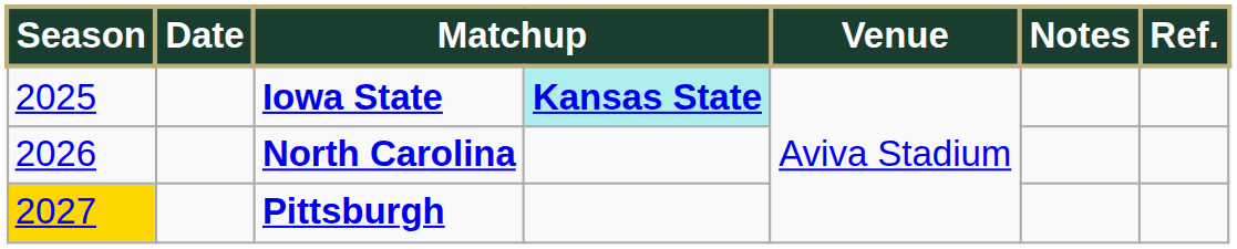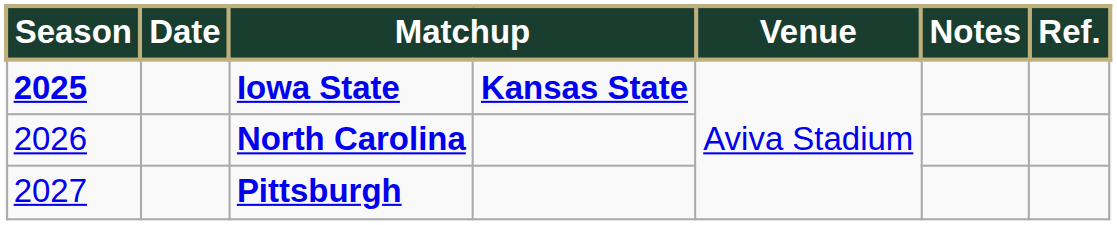 <table class="wikitable">
 <tr>
 <th style="background:#193E30; color:#FFFFFF; border: 2px solid #BEB07D ;">Season</th>
 <th style="background:#193E30; color:#FFFFFF; border: 2px solid #BEB07D ;">Date</th>
 <th style="background:#193E30; color:#FFFFFF; border: 2px solid #BEB07D ;"colspan="2">Matchup</th>
 <th style="background:#193E30; color:#FFFFFF; border: 2px solid #BEB07D ;">Venue</th>
 <th style="background:#193E30; color:#FFFFFF; border: 2px solid #BEB07D ;">Notes</th>
 <th style="background:#193E30; color:#FFFFFF; border: 2px solid #BEB07D ;">Ref.</th>
 </tr>
 <tr>
-<td><a href='#'>2025</a></td>
+<td><strong><a href='#'>2025</a></strong></td>
 <td></td>
 <td><strong><a href='#'><span>Iowa State</span></a></strong></td>
-<td style="background: paleturquoise;"><strong><a href='#'><span>Kansas State</span></a></strong></td>
+<td><strong><a href='#'><span>Kansas State</span></a></strong></td>
 <td rowspan="3"><a href='#'>Aviva Stadium</a></td>
 <td></td>
 <td></td>
 </tr>
 <tr>
 <td><a href='#'>2026</a></td>
 <td></td>
 <td><strong><a href='#'><span>North Carolina</span></a></strong></td>
 <td style=><small></small> <strong><a href='#'></a></strong></td>
 <td></td>
 <td></td>
 </tr>
 <tr>
-<td style="background: gold;"><a href='#'>2027</a></td>
+<td><a href='#'>2027</a></td>
 <td></td>
 <td><strong><a href='#'><span>Pittsburgh</span></a></strong></td>
 <td style=><small></small> <strong><a href='#'></a></strong></td>
 <td></td>
 <td></td>
 </tr>
 </table>
